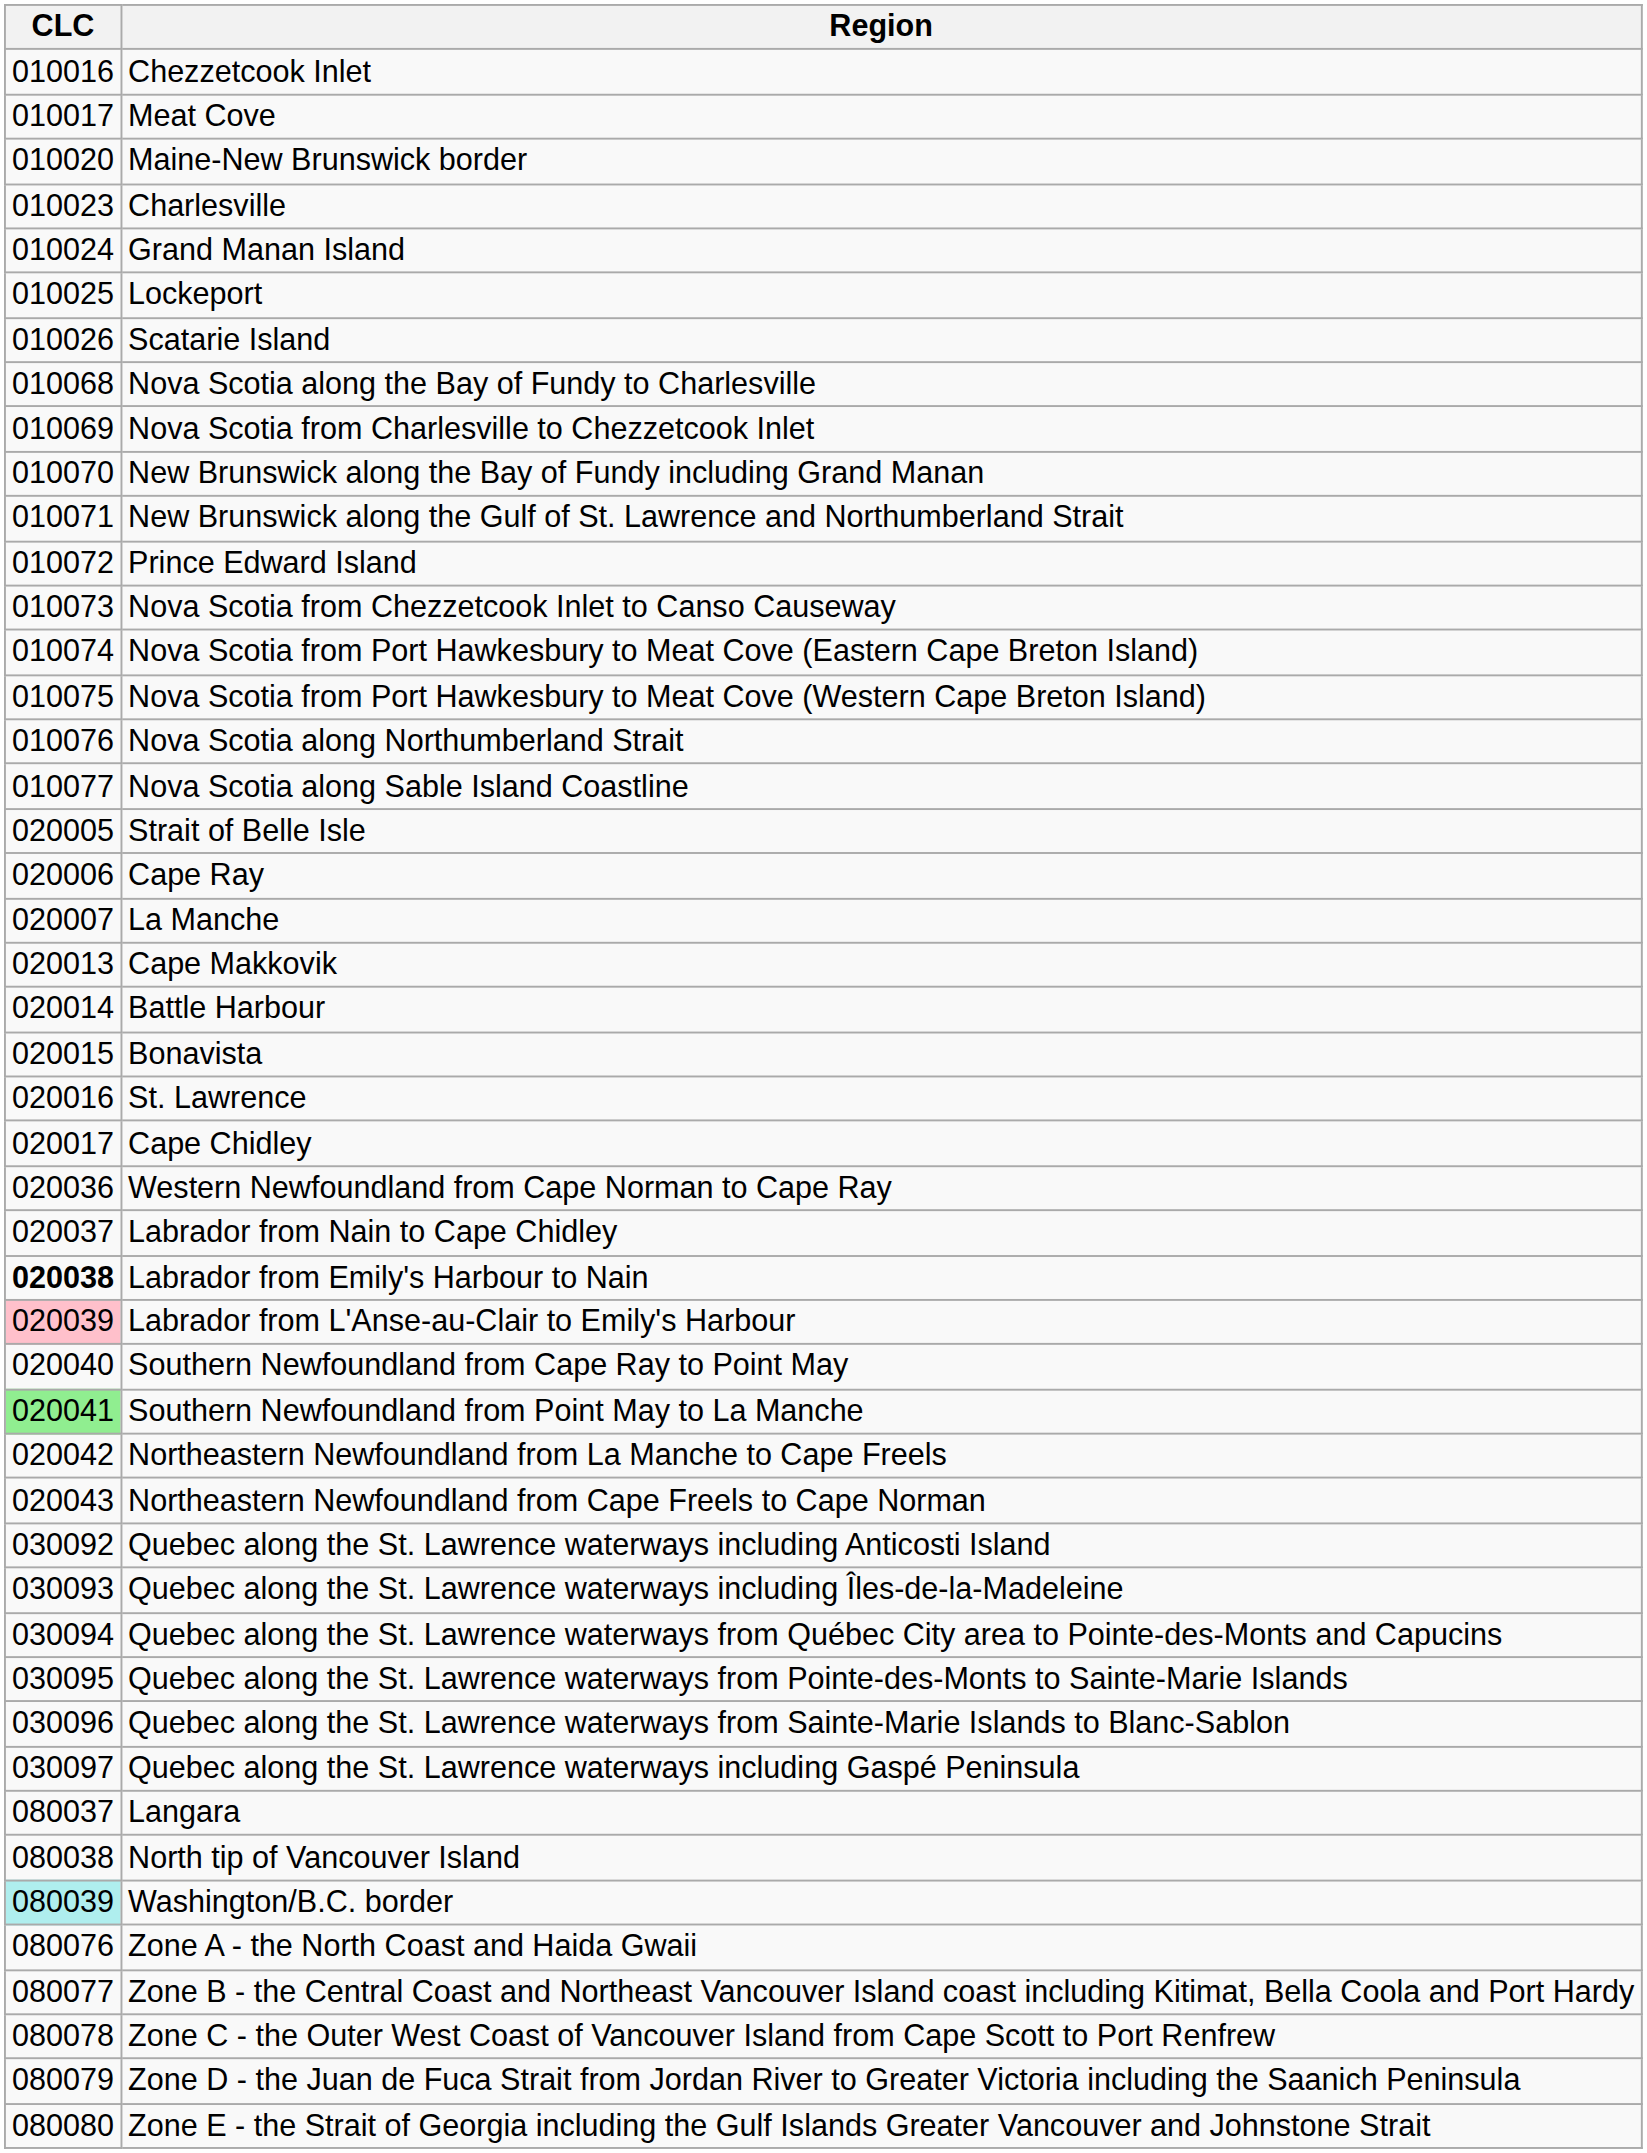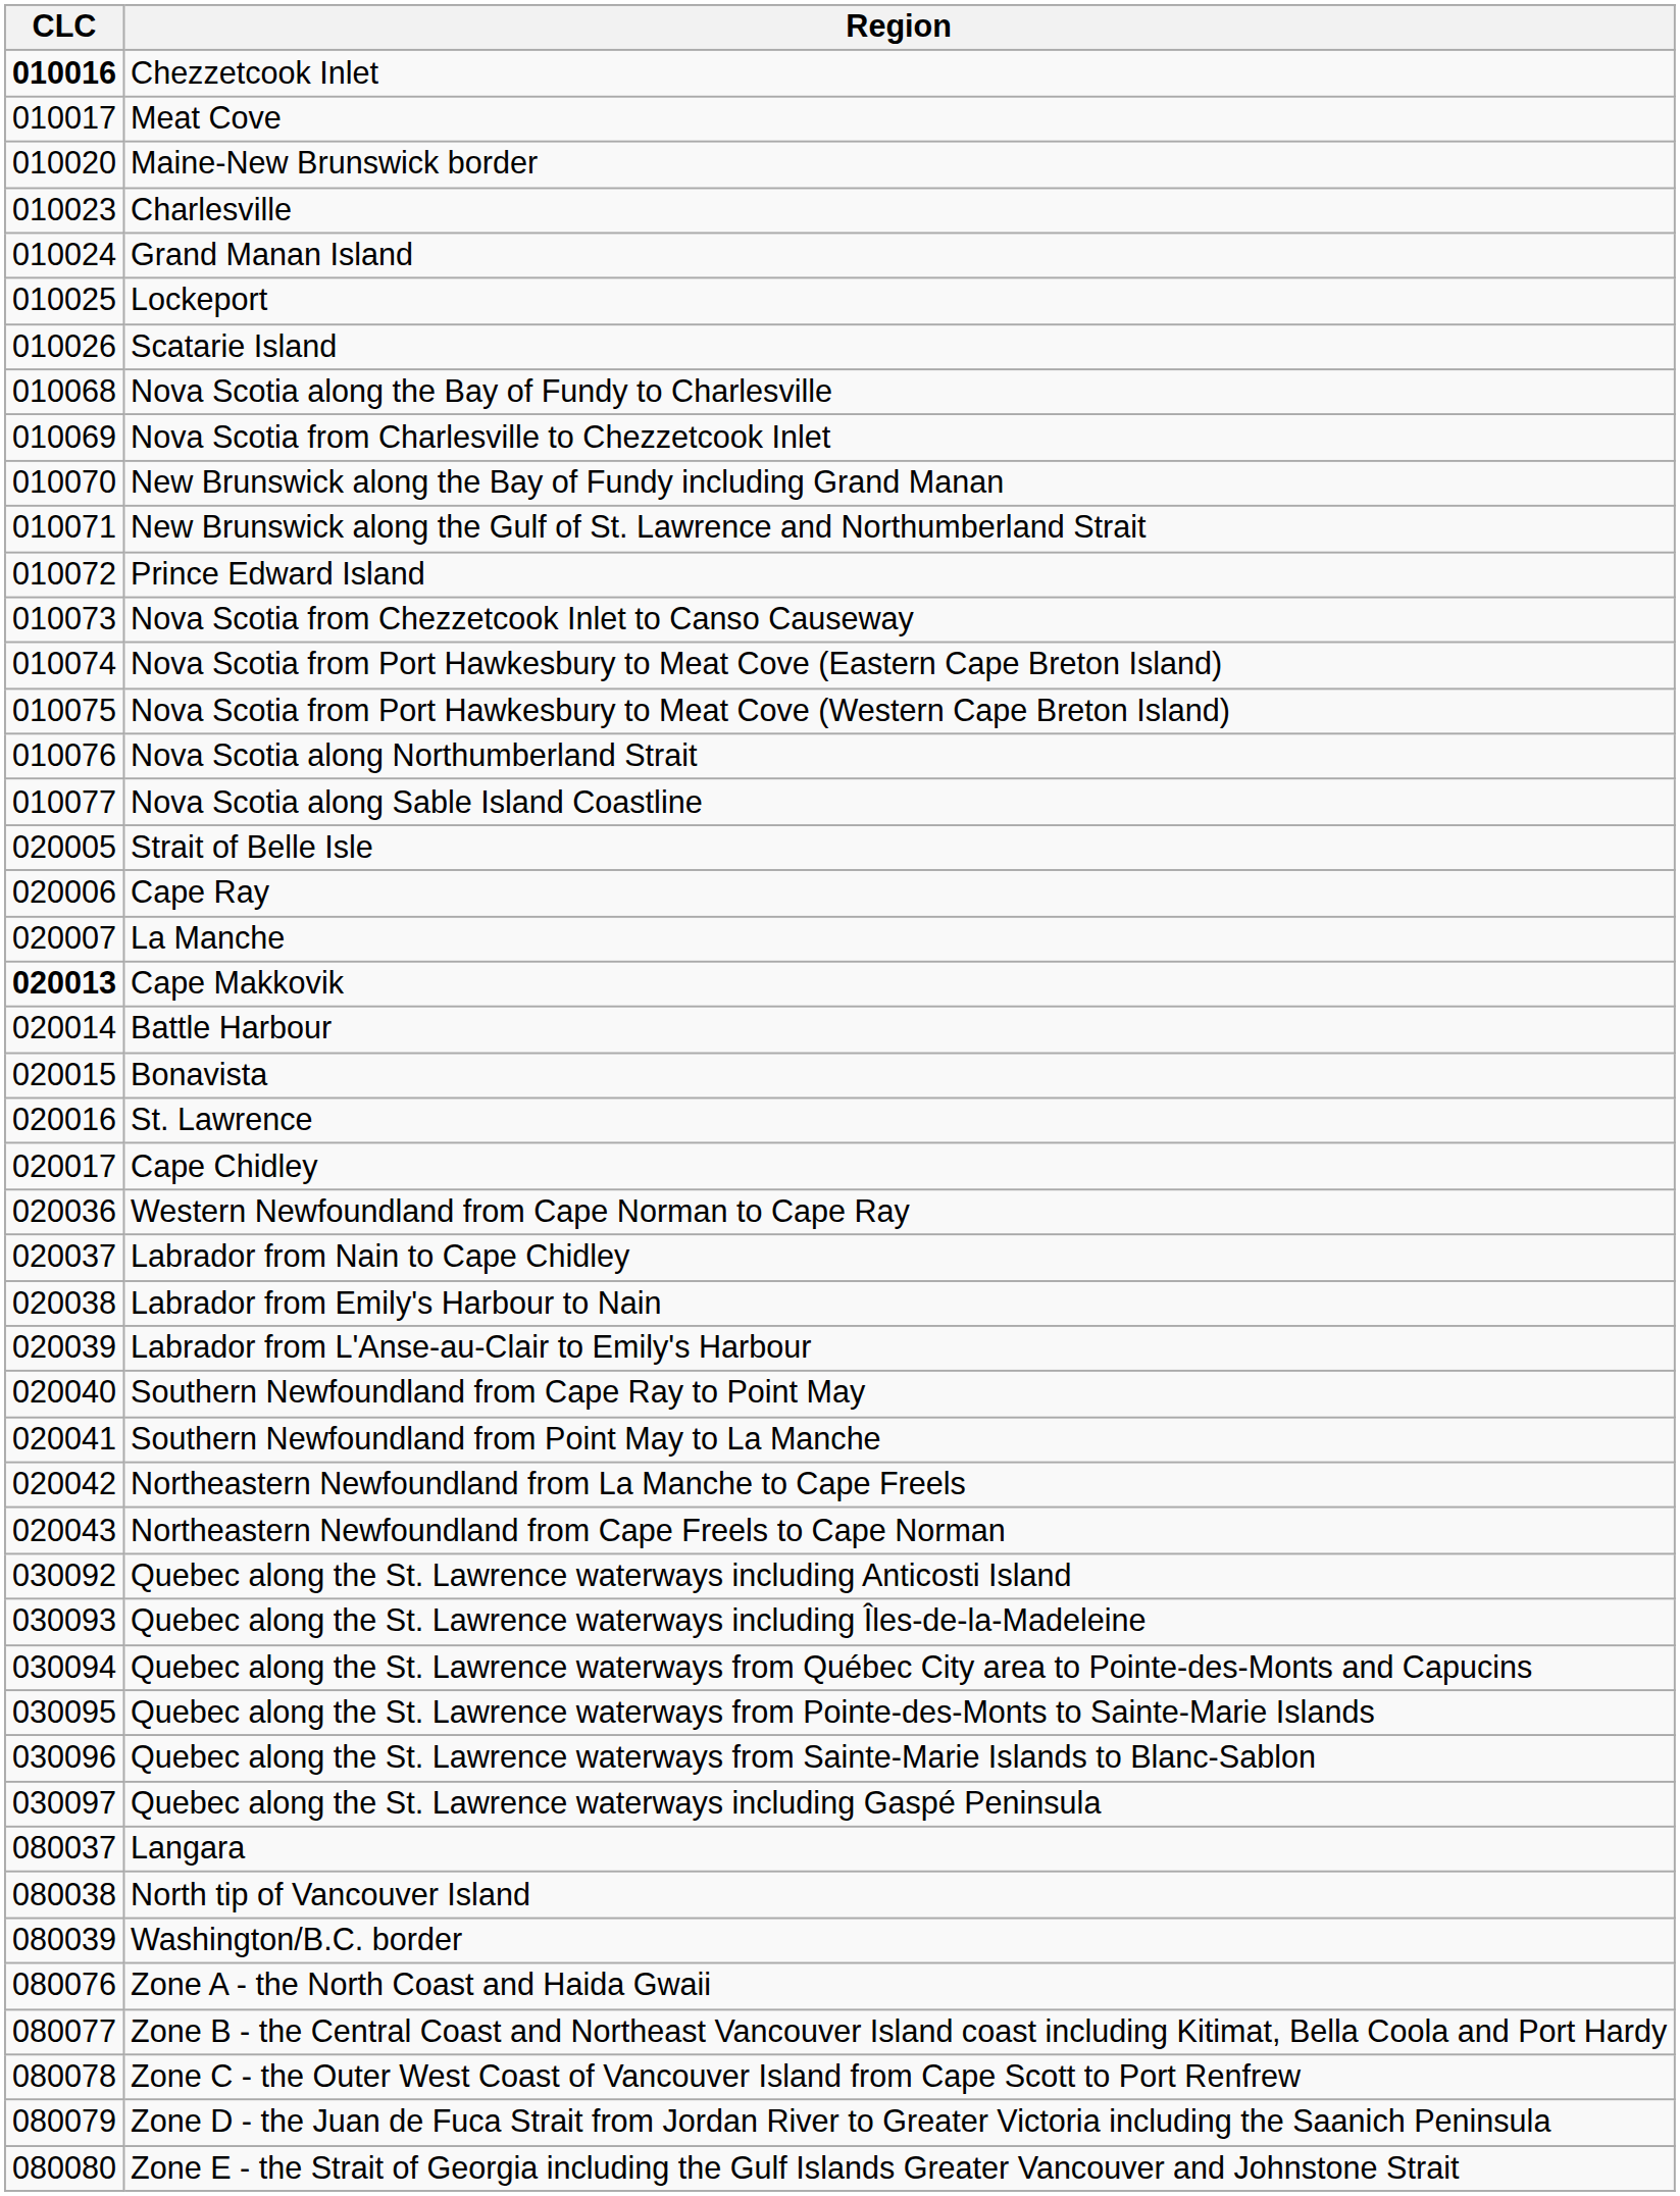 <table class="wikitable" style="line-height: 100%;">
 <tr>
 <th>CLC</th>
 <th>Region</th>
 </tr>
 <tr>
-<td>010016</td>
+<td><strong>010016</strong></td>
 <td>Chezzetcook Inlet</td>
 </tr>
 <tr>
 <td>010017</td>
 <td>Meat Cove</td>
 </tr>
 <tr>
 <td>010020</td>
 <td>Maine-New Brunswick border</td>
 </tr>
 <tr>
 <td>010023</td>
 <td>Charlesville</td>
 </tr>
 <tr>
 <td>010024</td>
 <td>Grand Manan Island</td>
 </tr>
 <tr>
 <td>010025</td>
 <td>Lockeport</td>
 </tr>
 <tr>
 <td>010026</td>
 <td>Scatarie Island</td>
 </tr>
 <tr>
 <td>010068</td>
 <td>Nova Scotia along the Bay of Fundy to Charlesville</td>
 </tr>
 <tr>
 <td>010069</td>
 <td>Nova Scotia from Charlesville to Chezzetcook Inlet</td>
 </tr>
 <tr>
 <td>010070</td>
 <td>New Brunswick along the Bay of Fundy including Grand Manan</td>
 </tr>
 <tr>
 <td>010071</td>
 <td>New Brunswick along the Gulf of St. Lawrence and Northumberland Strait</td>
 </tr>
 <tr>
 <td>010072</td>
 <td>Prince Edward Island</td>
 </tr>
 <tr>
 <td>010073</td>
 <td>Nova Scotia from Chezzetcook Inlet to Canso Causeway</td>
 </tr>
 <tr>
 <td>010074</td>
 <td>Nova Scotia from Port Hawkesbury to Meat Cove (Eastern Cape Breton Island)</td>
 </tr>
 <tr>
 <td>010075</td>
 <td>Nova Scotia from Port Hawkesbury to Meat Cove (Western Cape Breton Island)</td>
 </tr>
 <tr>
 <td>010076</td>
 <td>Nova Scotia along Northumberland Strait</td>
 </tr>
 <tr>
 <td>010077</td>
 <td>Nova Scotia along Sable Island Coastline</td>
 </tr>
 <tr>
 <td>020005</td>
 <td>Strait of Belle Isle</td>
 </tr>
 <tr>
 <td>020006</td>
 <td>Cape Ray</td>
 </tr>
 <tr>
 <td>020007</td>
 <td>La Manche</td>
 </tr>
 <tr>
-<td>020013</td>
+<td><strong>020013</strong></td>
 <td>Cape Makkovik</td>
 </tr>
 <tr>
 <td>020014</td>
 <td>Battle Harbour</td>
 </tr>
 <tr>
 <td>020015</td>
 <td>Bonavista</td>
 </tr>
 <tr>
 <td>020016</td>
 <td>St. Lawrence</td>
 </tr>
 <tr>
 <td>020017</td>
 <td>Cape Chidley</td>
 </tr>
 <tr>
 <td>020036</td>
 <td>Western Newfoundland from Cape Norman to Cape Ray</td>
 </tr>
 <tr>
 <td>020037</td>
 <td>Labrador from Nain to Cape Chidley</td>
 </tr>
 <tr>
-<td><strong>020038</strong></td>
+<td>020038</td>
 <td>Labrador from Emily's Harbour to Nain</td>
 </tr>
 <tr>
-<td style="background: pink;">020039</td>
+<td>020039</td>
 <td>Labrador from L'Anse-au-Clair to Emily's Harbour</td>
 </tr>
 <tr>
 <td>020040</td>
 <td>Southern Newfoundland from Cape Ray to Point May</td>
 </tr>
 <tr>
-<td style="background: lightgreen;">020041</td>
+<td>020041</td>
 <td>Southern Newfoundland from Point May to La Manche</td>
 </tr>
 <tr>
 <td>020042</td>
 <td>Northeastern Newfoundland from La Manche to Cape Freels</td>
 </tr>
 <tr>
 <td>020043</td>
 <td>Northeastern Newfoundland from Cape Freels to Cape Norman</td>
 </tr>
 <tr>
 <td>030092</td>
 <td>Quebec along the St. Lawrence waterways including Anticosti Island</td>
 </tr>
 <tr>
 <td>030093</td>
 <td>Quebec along the St. Lawrence waterways including Îles-de-la-Madeleine</td>
 </tr>
 <tr>
 <td>030094</td>
 <td>Quebec along the St. Lawrence waterways from Québec City area to Pointe-des-Monts and Capucins</td>
 </tr>
 <tr>
 <td>030095</td>
 <td>Quebec along the St. Lawrence waterways from Pointe-des-Monts to Sainte-Marie Islands</td>
 </tr>
 <tr>
 <td>030096</td>
 <td>Quebec along the St. Lawrence waterways from Sainte-Marie Islands to Blanc-Sablon</td>
 </tr>
 <tr>
 <td>030097</td>
 <td>Quebec along the St. Lawrence waterways including Gaspé Peninsula</td>
 </tr>
 <tr>
 <td>080037</td>
 <td>Langara</td>
 </tr>
 <tr>
 <td>080038</td>
 <td>North tip of Vancouver Island</td>
 </tr>
 <tr>
-<td style="background: paleturquoise;">080039</td>
+<td>080039</td>
 <td>Washington/B.C. border</td>
 </tr>
 <tr>
 <td>080076</td>
 <td>Zone A - the North Coast and Haida Gwaii</td>
 </tr>
 <tr>
 <td>080077</td>
 <td>Zone B - the Central Coast and Northeast Vancouver Island coast including Kitimat, Bella Coola and Port Hardy</td>
 </tr>
 <tr>
 <td>080078</td>
 <td>Zone C - the Outer West Coast of Vancouver Island from Cape Scott to Port Renfrew</td>
 </tr>
 <tr>
 <td>080079</td>
 <td>Zone D - the Juan de Fuca Strait from Jordan River to Greater Victoria including the Saanich Peninsula</td>
 </tr>
 <tr>
 <td>080080</td>
 <td>Zone E - the Strait of Georgia including the Gulf Islands Greater Vancouver and Johnstone Strait</td>
 </tr>
 </table>
